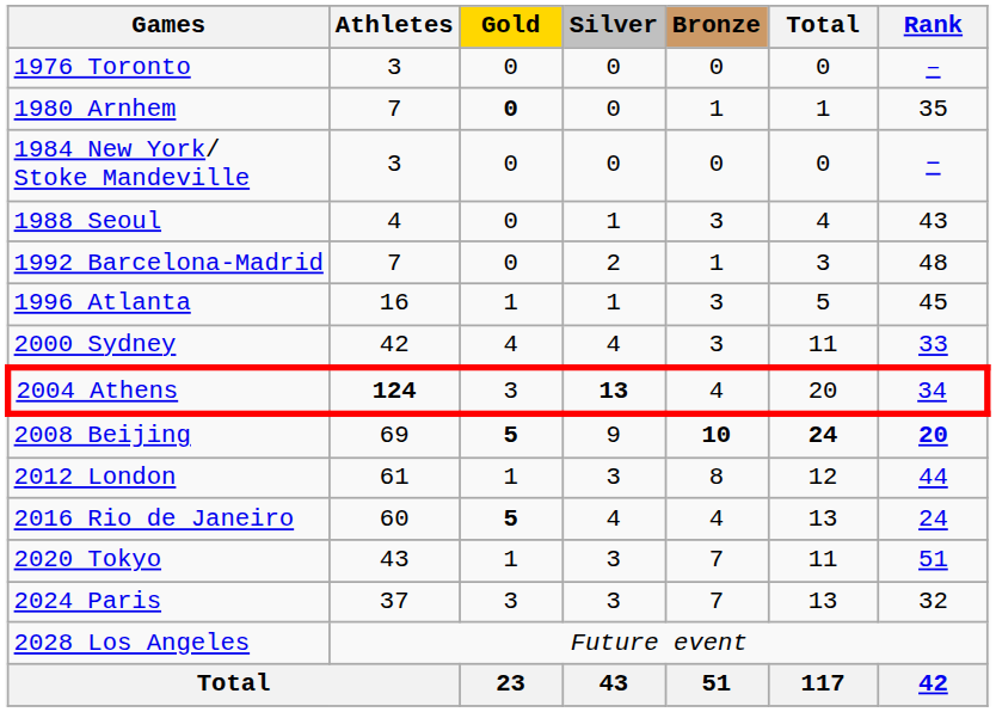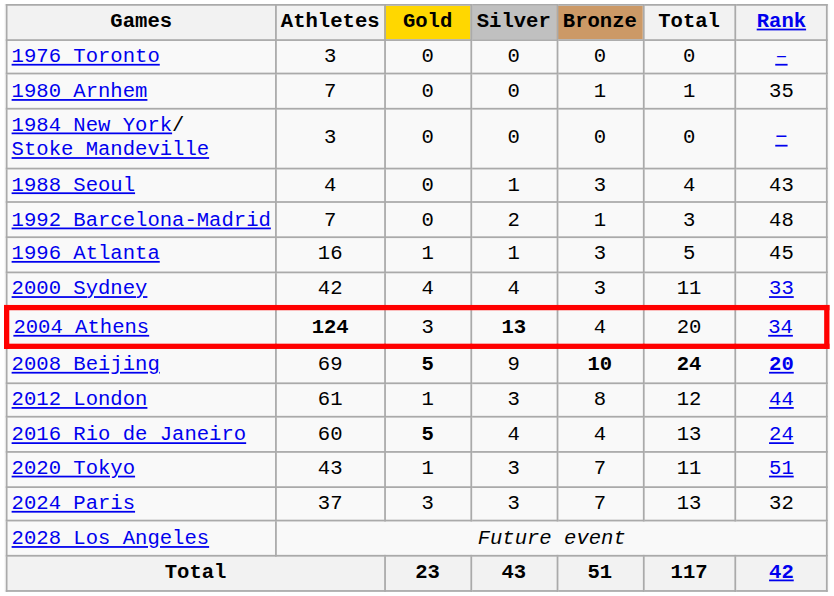 <table class="wikitable" style="text-align:center; font-size:90%;">
 <tr>
 <th>Games</th>
 <th>Athletes</th>
 <td style="background:gold; width:3.7em; font-weight:bold;">Gold</td>
 <td style="background:silver; width:3.7em; font-weight:bold;">Silver</td>
 <td style="background:#cc9966; width:3.7em; font-weight:bold;">Bronze</td>
 <th style="width:4em; font-weight:bold;">Total</th>
 <th style="width:4em; font-weight:bold;"><a href='#'>Rank</a></th>
 </tr>
 <tr>
 <td align=left> <a href='#'>1976 Toronto</a></td>
 <td>3</td>
 <td>0</td>
 <td>0</td>
 <td>0</td>
 <td>0</td>
 <td><a href='#'>–</a></td>
 </tr>
 <tr>
 <td align=left> <a href='#'>1980 Arnhem</a></td>
 <td>7</td>
-<td><strong>0</strong></td>
+<td>0</td>
 <td>0</td>
 <td>1</td>
 <td>1</td>
 <td>35</td>
 </tr>
 <tr>
 <td align=left> <a href='#'>1984 New York</a>/<br>  <a href='#'>Stoke Mandeville</a></td>
 <td>3</td>
 <td>0</td>
 <td>0</td>
 <td>0</td>
 <td>0</td>
 <td><a href='#'>−</a></td>
 </tr>
 <tr>
 <td align=left> <a href='#'>1988 Seoul</a></td>
 <td>4</td>
 <td>0</td>
 <td>1</td>
 <td>3</td>
 <td>4</td>
 <td>43</td>
 </tr>
 <tr>
 <td align=left> <a href='#'>1992 Barcelona-Madrid</a></td>
 <td>7</td>
 <td>0</td>
 <td>2</td>
 <td>1</td>
 <td>3</td>
 <td>48</td>
 </tr>
 <tr>
 <td align=left> <a href='#'>1996 Atlanta</a></td>
 <td>16</td>
 <td>1</td>
 <td>1</td>
 <td>3</td>
 <td>5</td>
 <td>45</td>
 </tr>
 <tr>
 <td align=left> <a href='#'>2000 Sydney</a></td>
 <td>42</td>
 <td>4</td>
 <td>4</td>
 <td>3</td>
 <td>11</td>
 <td><a href='#'>33</a></td>
 </tr>
 <tr style="border: 3px solid red">
 <td align=left> <a href='#'>2004 Athens</a></td>
 <td><strong>124</strong></td>
 <td>3</td>
 <td><strong>13</strong></td>
 <td>4</td>
 <td>20</td>
 <td><a href='#'>34</a></td>
 </tr>
 <tr>
 <td align=left> <a href='#'>2008 Beijing</a></td>
 <td>69</td>
 <td><strong>5</strong></td>
 <td>9</td>
 <td><strong>10</strong></td>
 <td><strong>24</strong></td>
 <td><strong><a href='#'>20</a></strong></td>
 </tr>
 <tr>
 <td align=left> <a href='#'>2012 London</a></td>
 <td>61</td>
 <td>1</td>
 <td>3</td>
 <td>8</td>
 <td>12</td>
 <td><a href='#'>44</a></td>
 </tr>
 <tr>
 <td align=left> <a href='#'>2016 Rio de Janeiro</a></td>
 <td>60</td>
 <td><strong>5</strong></td>
 <td>4</td>
 <td>4</td>
 <td>13</td>
 <td><a href='#'>24</a></td>
 </tr>
 <tr>
 <td align=left> <a href='#'>2020 Tokyo</a></td>
 <td>43</td>
 <td>1</td>
 <td>3</td>
 <td>7</td>
 <td>11</td>
 <td><a href='#'>51</a></td>
 </tr>
 <tr>
 <td align=left> <a href='#'>2024 Paris</a></td>
 <td>37</td>
 <td>3</td>
 <td>3</td>
 <td>7</td>
 <td>13</td>
 <td>32</td>
 </tr>
 <tr>
 <td align=left> <a href='#'>2028 Los Angeles</a></td>
 <td colspan=6; rowspan=1><em>Future event</em></td>
 </tr>
 <tr>
 <th colspan=2>Total</th>
 <th>23</th>
 <th>43</th>
 <th>51</th>
 <th>117</th>
 <th><a href='#'>42</a></th>
 </tr>
 </table>
